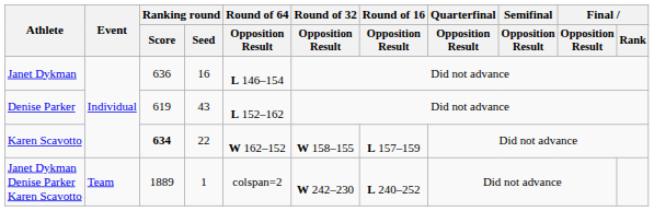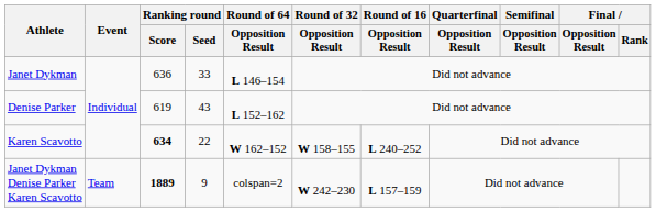 <table class=wikitable style=font-size:90%;text-align:center>
 <tr>
 <th rowspan=2>Athlete</th>
 <th rowspan=2>Event</th>
 <th colspan=2>Ranking round</th>
 <th>Round of 64</th>
 <th>Round of 32</th>
 <th>Round of 16</th>
 <th>Quarterfinal</th>
 <th>Semifinal</th>
 <th colspan=2>Final / </th>
 </tr>
 <tr style=font-size:95%>
 <th>Score</th>
 <th>Seed</th>
 <th>Opposition<br>Result</th>
 <th>Opposition<br>Result</th>
 <th>Opposition<br>Result</th>
 <th>Opposition<br>Result</th>
 <th>Opposition<br>Result</th>
 <th>Opposition<br>Result</th>
 <th>Rank</th>
 </tr>
 <tr>
 <td align=left><a href='#'>Janet Dykman</a></td>
 <td align=left rowspan=3><a href='#'>Individual</a></td>
 <td>636</td>
-<td>16</td>
+<td>33</td>
 <td><br><strong>L</strong> 146–154</td>
 <td colspan=6>Did not advance</td>
 </tr>
 <tr>
 <td align=left><a href='#'>Denise Parker</a></td>
 <td>619</td>
 <td>43</td>
 <td><br><strong>L</strong> 152–162</td>
 <td colspan=6>Did not advance</td>
 </tr>
 <tr>
 <td align=left><a href='#'>Karen Scavotto</a></td>
 <td><strong>634</strong></td>
 <td>22</td>
 <td><br><strong>W</strong> 162–152</td>
 <td><br><strong>W</strong> 158–155</td>
-<td><br><strong>L</strong> 157–159</td>
+<td><br><strong>L</strong> 240–252</td>
 <td colspan=4>Did not advance</td>
 </tr>
 <tr>
 <td align=left><a href='#'>Janet Dykman</a><br><a href='#'>Denise Parker</a><br><a href='#'>Karen Scavotto</a></td>
 <td align=left><a href='#'>Team</a></td>
-<td>1889</td>
-<td>1</td>
+<td><strong>1889</strong></td>
+<td>9</td>
 <td>colspan=2 </td>
 <td><br><strong>W</strong> 242–230</td>
-<td><br><strong>L</strong> 240–252</td>
+<td><br><strong>L</strong> 157–159</td>
 <td colspan=3>Did not advance</td>
 </tr>
 </table>
